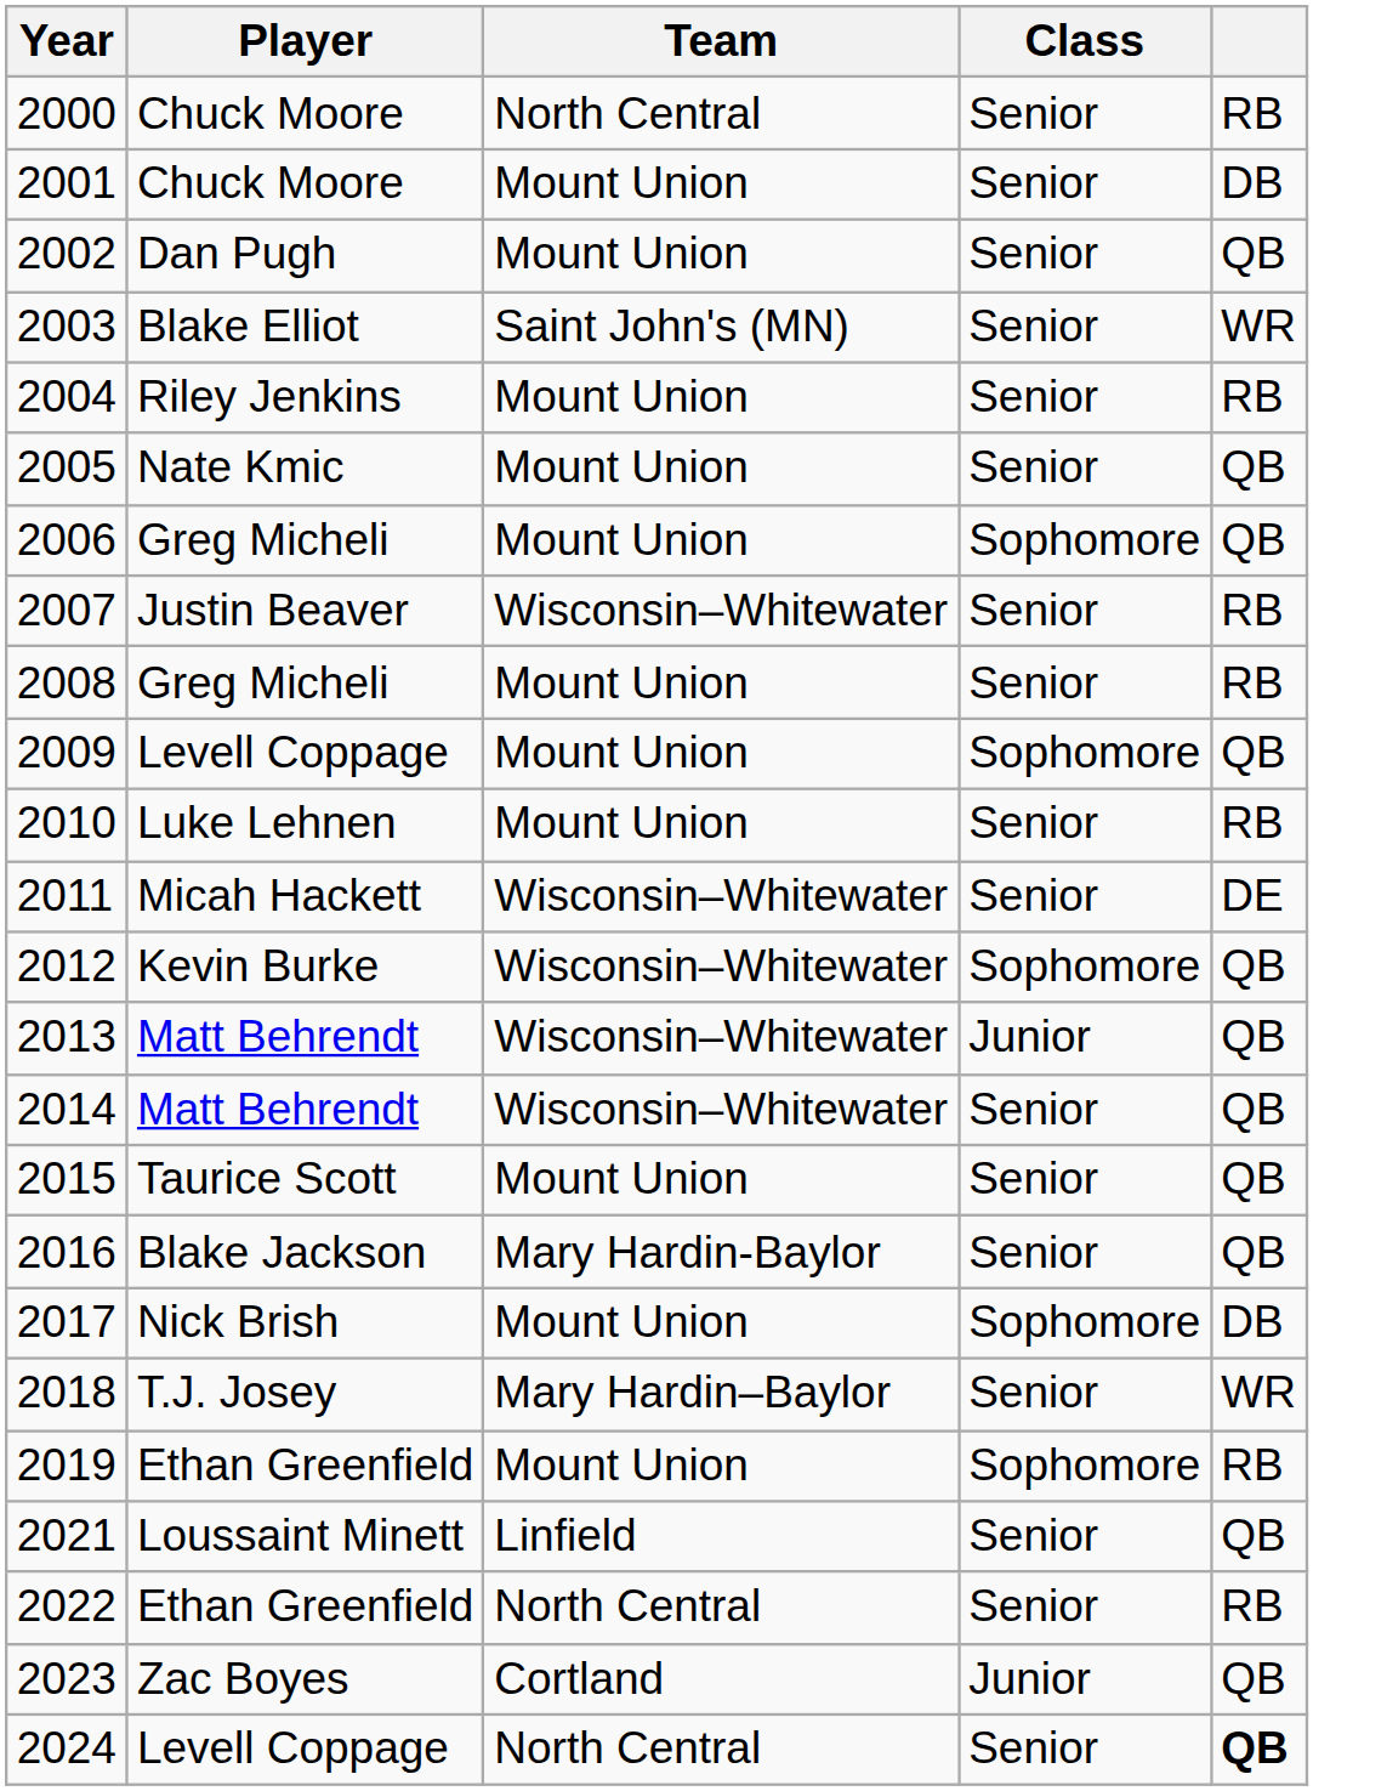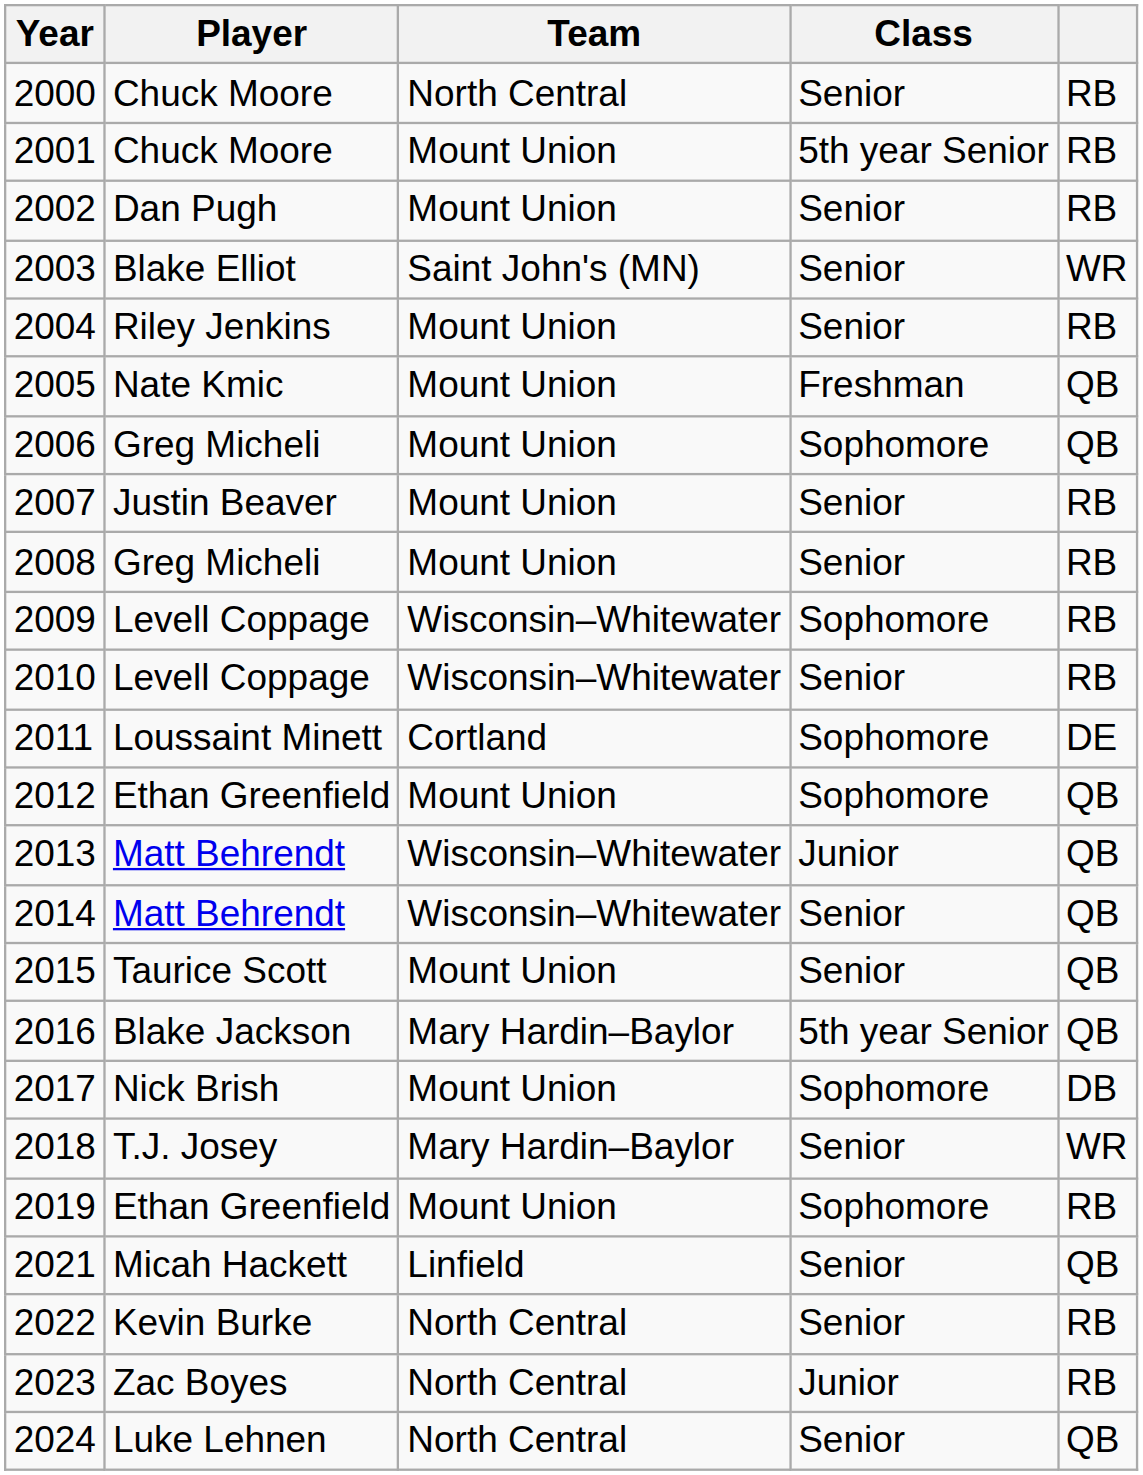 <table class="wikitable">
 <tr>
 <th width=px>Year</th>
 <th width=px>Player</th>
 <th width=px>Team</th>
 <th width=px>Class</th>
 <th width=px></th>
 </tr>
 <tr>
 <td>2000</td>
 <td>Chuck Moore</td>
 <td>North Central</td>
 <td>Senior</td>
 <td>RB</td>
 </tr>
 <tr>
 <td>2001</td>
 <td>Chuck Moore</td>
 <td>Mount Union</td>
-<td>Senior</td>
-<td>DB</td>
+<td>5th year Senior</td>
+<td>RB</td>
 </tr>
 <tr>
 <td>2002</td>
 <td>Dan Pugh</td>
 <td>Mount Union</td>
 <td>Senior</td>
-<td>QB</td>
+<td>RB</td>
 </tr>
 <tr>
 <td>2003</td>
 <td>Blake Elliot</td>
 <td>Saint John's (MN)</td>
 <td>Senior</td>
 <td>WR</td>
 </tr>
 <tr>
 <td>2004</td>
 <td>Riley Jenkins</td>
 <td>Mount Union</td>
 <td>Senior</td>
 <td>RB</td>
 </tr>
 <tr>
 <td>2005</td>
 <td>Nate Kmic</td>
 <td>Mount Union</td>
-<td>Senior</td>
+<td>Freshman</td>
 <td>QB</td>
 </tr>
 <tr>
 <td>2006</td>
 <td>Greg Micheli</td>
 <td>Mount Union</td>
 <td>Sophomore</td>
 <td>QB</td>
 </tr>
 <tr>
 <td>2007</td>
 <td>Justin Beaver</td>
-<td>Wisconsin–Whitewater</td>
+<td>Mount Union</td>
 <td>Senior</td>
 <td>RB</td>
 </tr>
 <tr>
 <td>2008</td>
 <td>Greg Micheli</td>
 <td>Mount Union</td>
 <td>Senior</td>
 <td>RB</td>
 </tr>
 <tr>
 <td>2009</td>
 <td>Levell Coppage</td>
-<td>Mount Union</td>
+<td>Wisconsin–Whitewater</td>
 <td>Sophomore</td>
-<td>QB</td>
+<td>RB</td>
 </tr>
 <tr>
 <td>2010</td>
-<td>Luke Lehnen</td>
-<td>Mount Union</td>
+<td>Levell Coppage</td>
+<td>Wisconsin–Whitewater</td>
 <td>Senior</td>
 <td>RB</td>
 </tr>
 <tr>
 <td>2011</td>
-<td>Micah Hackett</td>
-<td>Wisconsin–Whitewater</td>
-<td>Senior</td>
+<td>Loussaint Minett</td>
+<td>Cortland</td>
+<td>Sophomore</td>
 <td>DE</td>
 </tr>
 <tr>
 <td>2012</td>
-<td>Kevin Burke</td>
-<td>Wisconsin–Whitewater</td>
+<td>Ethan Greenfield</td>
+<td>Mount Union</td>
 <td>Sophomore</td>
 <td>QB</td>
 </tr>
 <tr>
 <td>2013</td>
 <td><a href='#'>Matt Behrendt</a></td>
 <td>Wisconsin–Whitewater</td>
 <td>Junior</td>
 <td>QB</td>
 </tr>
 <tr>
 <td>2014</td>
 <td><a href='#'>Matt Behrendt</a></td>
 <td>Wisconsin–Whitewater</td>
 <td>Senior</td>
 <td>QB</td>
 </tr>
 <tr>
 <td>2015</td>
 <td>Taurice Scott</td>
 <td>Mount Union</td>
 <td>Senior</td>
 <td>QB</td>
 </tr>
 <tr>
 <td>2016</td>
 <td>Blake Jackson</td>
-<td>Mary Hardin-Baylor</td>
-<td>Senior</td>
+<td>Mary Hardin–Baylor</td>
+<td>5th year Senior</td>
 <td>QB</td>
 </tr>
 <tr>
 <td>2017</td>
 <td>Nick Brish</td>
 <td>Mount Union</td>
 <td>Sophomore</td>
 <td>DB</td>
 </tr>
 <tr>
 <td>2018</td>
 <td>T.J. Josey</td>
 <td>Mary Hardin–Baylor</td>
 <td>Senior</td>
 <td>WR</td>
 </tr>
 <tr>
 <td>2019</td>
 <td>Ethan Greenfield</td>
 <td>Mount Union</td>
 <td>Sophomore</td>
 <td>RB</td>
 </tr>
 <tr>
 <td>2021</td>
-<td>Loussaint Minett</td>
+<td>Micah Hackett</td>
 <td>Linfield</td>
 <td>Senior</td>
 <td>QB</td>
 </tr>
 <tr>
 <td>2022</td>
-<td>Ethan Greenfield</td>
+<td>Kevin Burke</td>
 <td>North Central</td>
 <td>Senior</td>
 <td>RB</td>
 </tr>
 <tr>
 <td>2023</td>
 <td>Zac Boyes</td>
-<td>Cortland</td>
+<td>North Central</td>
 <td>Junior</td>
-<td>QB</td>
+<td>RB</td>
 </tr>
 <tr>
 <td>2024</td>
-<td>Levell Coppage</td>
+<td>Luke Lehnen</td>
 <td>North Central</td>
 <td>Senior</td>
-<td><strong>QB</strong></td>
+<td>QB</td>
 </tr>
 </table>
